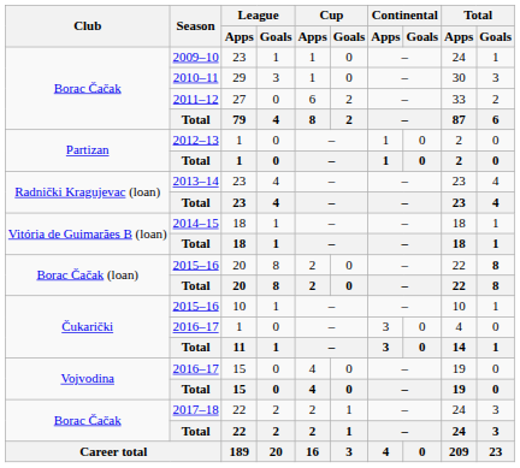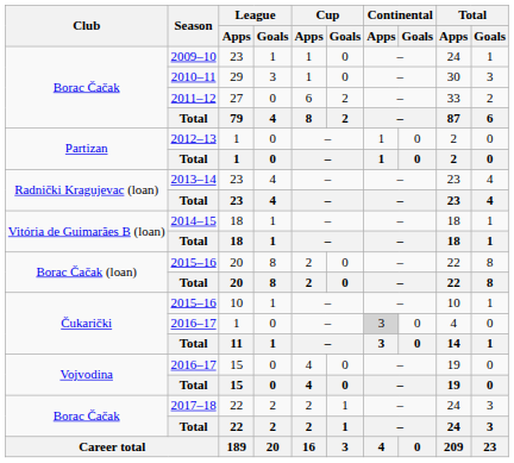 <table class="wikitable" style="text-align:center">
 <tr>
 <th rowspan="2">Club</th>
 <th rowspan="2">Season</th>
 <th colspan="2">League</th>
 <th colspan="2">Cup</th>
 <th colspan="2">Continental</th>
 <th colspan="2">Total</th>
 </tr>
 <tr>
 <th>Apps</th>
 <th>Goals</th>
 <th>Apps</th>
 <th>Goals</th>
 <th>Apps</th>
 <th>Goals</th>
 <th>Apps</th>
 <th>Goals</th>
 </tr>
 <tr>
 <td rowspan="4"><a href='#'>Borac Čačak</a></td>
 <td><a href='#'>2009–10</a></td>
 <td>23</td>
 <td>1</td>
 <td>1</td>
 <td>0</td>
 <td colspan="2">–</td>
 <td>24</td>
 <td>1</td>
 </tr>
 <tr>
 <td><a href='#'>2010–11</a></td>
 <td>29</td>
 <td>3</td>
 <td>1</td>
 <td>0</td>
 <td colspan="2">–</td>
 <td>30</td>
 <td>3</td>
 </tr>
 <tr>
 <td><a href='#'>2011–12</a></td>
 <td>27</td>
 <td>0</td>
 <td>6</td>
 <td>2</td>
 <td colspan="2">–</td>
 <td>33</td>
 <td>2</td>
 </tr>
 <tr>
 <th>Total</th>
 <th>79</th>
 <th>4</th>
 <th>8</th>
 <th>2</th>
 <th colspan="2">–</th>
 <th>87</th>
 <th>6</th>
 </tr>
 <tr>
 <td rowspan="2"><a href='#'>Partizan</a></td>
 <td><a href='#'>2012–13</a></td>
 <td>1</td>
 <td>0</td>
 <td colspan="2">–</td>
 <td>1</td>
 <td>0</td>
 <td>2</td>
 <td>0</td>
 </tr>
 <tr>
 <th>Total</th>
 <th>1</th>
 <th>0</th>
 <th colspan="2">–</th>
 <th>1</th>
 <th>0</th>
 <th>2</th>
 <th>0</th>
 </tr>
 <tr>
 <td rowspan="2"><a href='#'>Radnički Kragujevac</a> (loan)</td>
 <td><a href='#'>2013–14</a></td>
 <td>23</td>
 <td>4</td>
 <td colspan="2">–</td>
 <td colspan="2">–</td>
 <td>23</td>
 <td>4</td>
 </tr>
 <tr>
 <th>Total</th>
 <th>23</th>
 <th>4</th>
 <th colspan="2">–</th>
 <th colspan="2">–</th>
 <th>23</th>
 <th>4</th>
 </tr>
 <tr>
 <td rowspan="2"><a href='#'>Vitória de Guimarães B</a> (loan)</td>
 <td><a href='#'>2014–15</a></td>
 <td>18</td>
 <td>1</td>
 <td colspan="2">–</td>
 <td colspan="2">–</td>
 <td>18</td>
 <td>1</td>
 </tr>
 <tr>
 <th>Total</th>
 <th>18</th>
 <th>1</th>
 <th colspan="2">–</th>
 <th colspan="2">–</th>
 <th>18</th>
 <th>1</th>
 </tr>
 <tr>
 <td rowspan="2"><a href='#'>Borac Čačak</a> (loan)</td>
 <td><a href='#'>2015–16</a></td>
 <td>20</td>
 <td>8</td>
 <td>2</td>
 <td>0</td>
 <td colspan="2">–</td>
 <td>22</td>
-<td><strong>8</strong></td>
+<td>8</td>
 </tr>
 <tr>
 <th>Total</th>
 <th>20</th>
 <th>8</th>
 <th>2</th>
 <th>0</th>
 <th colspan="2">–</th>
 <th>22</th>
 <th>8</th>
 </tr>
 <tr>
 <td rowspan="3"><a href='#'>Čukarički</a></td>
 <td><a href='#'>2015–16</a></td>
 <td>10</td>
 <td>1</td>
 <td colspan="2">–</td>
 <td colspan="2">–</td>
 <td>10</td>
 <td>1</td>
 </tr>
 <tr>
 <td><a href='#'>2016–17</a></td>
 <td>1</td>
 <td>0</td>
 <td colspan="2">–</td>
-<td>3</td>
+<td style="background: lightgrey;">3</td>
 <td>0</td>
 <td>4</td>
 <td>0</td>
 </tr>
 <tr>
 <th>Total</th>
 <th>11</th>
 <th>1</th>
 <th colspan="2">–</th>
 <th>3</th>
 <th>0</th>
 <th>14</th>
 <th>1</th>
 </tr>
 <tr>
 <td rowspan="2"><a href='#'>Vojvodina</a></td>
 <td><a href='#'>2016–17</a></td>
 <td>15</td>
 <td>0</td>
 <td>4</td>
 <td>0</td>
 <td colspan="2">–</td>
 <td>19</td>
 <td>0</td>
 </tr>
 <tr>
 <th>Total</th>
 <th>15</th>
 <th>0</th>
 <th>4</th>
 <th>0</th>
 <th colspan="2">–</th>
 <th>19</th>
 <th>0</th>
 </tr>
 <tr>
 <td rowspan="2"><a href='#'>Borac Čačak</a></td>
 <td><a href='#'>2017–18</a></td>
 <td>22</td>
 <td>2</td>
 <td>2</td>
 <td>1</td>
 <td colspan="2">–</td>
 <td>24</td>
 <td>3</td>
 </tr>
 <tr>
 <th>Total</th>
 <th>22</th>
 <th>2</th>
 <th>2</th>
 <th>1</th>
 <th colspan="2">–</th>
 <th>24</th>
 <th>3</th>
 </tr>
 <tr>
 <th colspan="2">Career total</th>
 <th>189</th>
 <th>20</th>
 <th>16</th>
 <th>3</th>
 <th>4</th>
 <th>0</th>
 <th>209</th>
 <th>23</th>
 </tr>
 </table>
